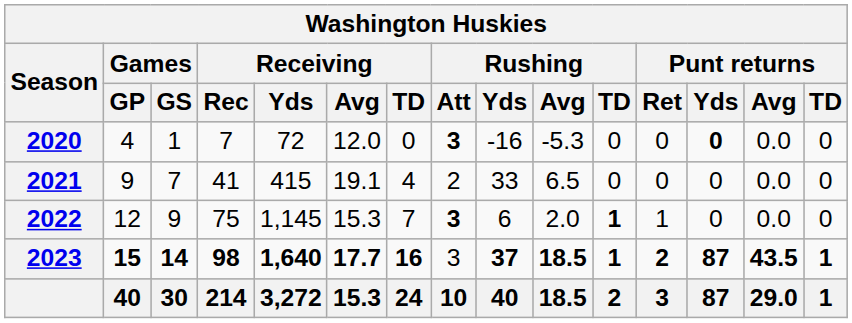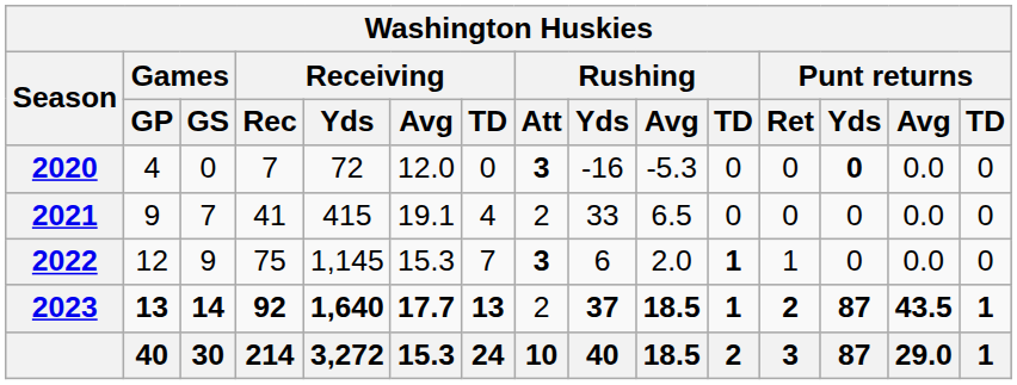 <table class="wikitable" style="text-align:center;">
 <tr>
 <th colspan="16">Washington Huskies</th>
 </tr>
 <tr>
 <th rowspan="2">Season</th>
 <th colspan="2">Games</th>
 <th colspan="4">Receiving</th>
 <th colspan="4">Rushing</th>
 <th colspan="4">Punt returns</th>
 </tr>
 <tr>
 <th>GP</th>
 <th>GS</th>
 <th>Rec</th>
 <th>Yds</th>
 <th>Avg</th>
 <th>TD</th>
 <th>Att</th>
 <th>Yds</th>
 <th>Avg</th>
 <th>TD</th>
 <th>Ret</th>
 <th>Yds</th>
 <th>Avg</th>
 <th>TD</th>
 </tr>
 <tr>
 <th><a href='#'>2020</a></th>
 <td>4</td>
-<td>1</td>
+<td>0</td>
 <td>7</td>
 <td>72</td>
 <td>12.0</td>
 <td>0</td>
 <td><strong>3</strong></td>
 <td>-16</td>
 <td>-5.3</td>
 <td>0</td>
 <td>0</td>
 <td><strong>0</strong></td>
 <td>0.0</td>
 <td>0</td>
 </tr>
 <tr>
 <th><a href='#'>2021</a></th>
 <td>9</td>
 <td>7</td>
 <td>41</td>
 <td>415</td>
 <td>19.1</td>
 <td>4</td>
 <td>2</td>
 <td>33</td>
 <td>6.5</td>
 <td>0</td>
 <td>0</td>
 <td>0</td>
 <td>0.0</td>
 <td>0</td>
 </tr>
 <tr>
 <th><a href='#'>2022</a></th>
 <td>12</td>
 <td>9</td>
 <td>75</td>
 <td>1,145</td>
 <td>15.3</td>
 <td>7</td>
 <td><strong>3</strong></td>
 <td>6</td>
 <td>2.0</td>
 <td><strong>1</strong></td>
 <td>1</td>
 <td>0</td>
 <td>0.0</td>
 <td>0</td>
 </tr>
 <tr>
 <th><a href='#'>2023</a></th>
-<td><strong>15</strong></td>
+<td><strong>13</strong></td>
 <td><strong>14</strong></td>
-<td><strong>98</strong></td>
+<td><strong>92</strong></td>
 <td><strong>1,640</strong></td>
 <td><strong>17.7</strong></td>
-<td><strong>16</strong></td>
-<td>3</td>
+<td><strong>13</strong></td>
+<td>2</td>
 <td><strong>37</strong></td>
 <td><strong>18.5</strong></td>
 <td><strong>1</strong></td>
 <td><strong>2</strong></td>
 <td><strong>87</strong></td>
 <td><strong>43.5</strong></td>
 <td><strong>1</strong></td>
 </tr>
 <tr>
 <th></th>
 <th>40</th>
 <th>30</th>
 <th>214</th>
 <th>3,272</th>
 <th>15.3</th>
 <th>24</th>
 <th>10</th>
 <th>40</th>
 <th>18.5</th>
 <th>2</th>
 <th>3</th>
 <th>87</th>
 <th>29.0</th>
 <th>1</th>
 </tr>
 </table>
